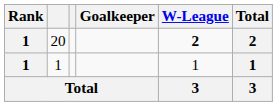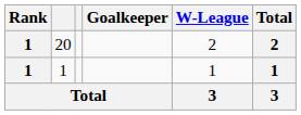 <table class="wikitable" style="text-align:center">
 <tr>
 <th>Rank</th>
 <th></th>
 <th></th>
 <th>Goalkeeper</th>
 <th><a href='#'>W-League</a></th>
 <th>Total</th>
 </tr>
 <tr>
 <th>1</th>
 <td>20</td>
 <td></td>
 <td align="left"></td>
-<td><strong>2</strong></td>
+<td>2</td>
 <th>2</th>
 </tr>
 <tr>
 <th>1</th>
 <td>1</td>
 <td></td>
 <td align="left"></td>
 <td>1</td>
 <th>1</th>
 </tr>
 <tr>
 <th colspan="4">Total</th>
 <th>3</th>
 <th>3</th>
 </tr>
 </table>
